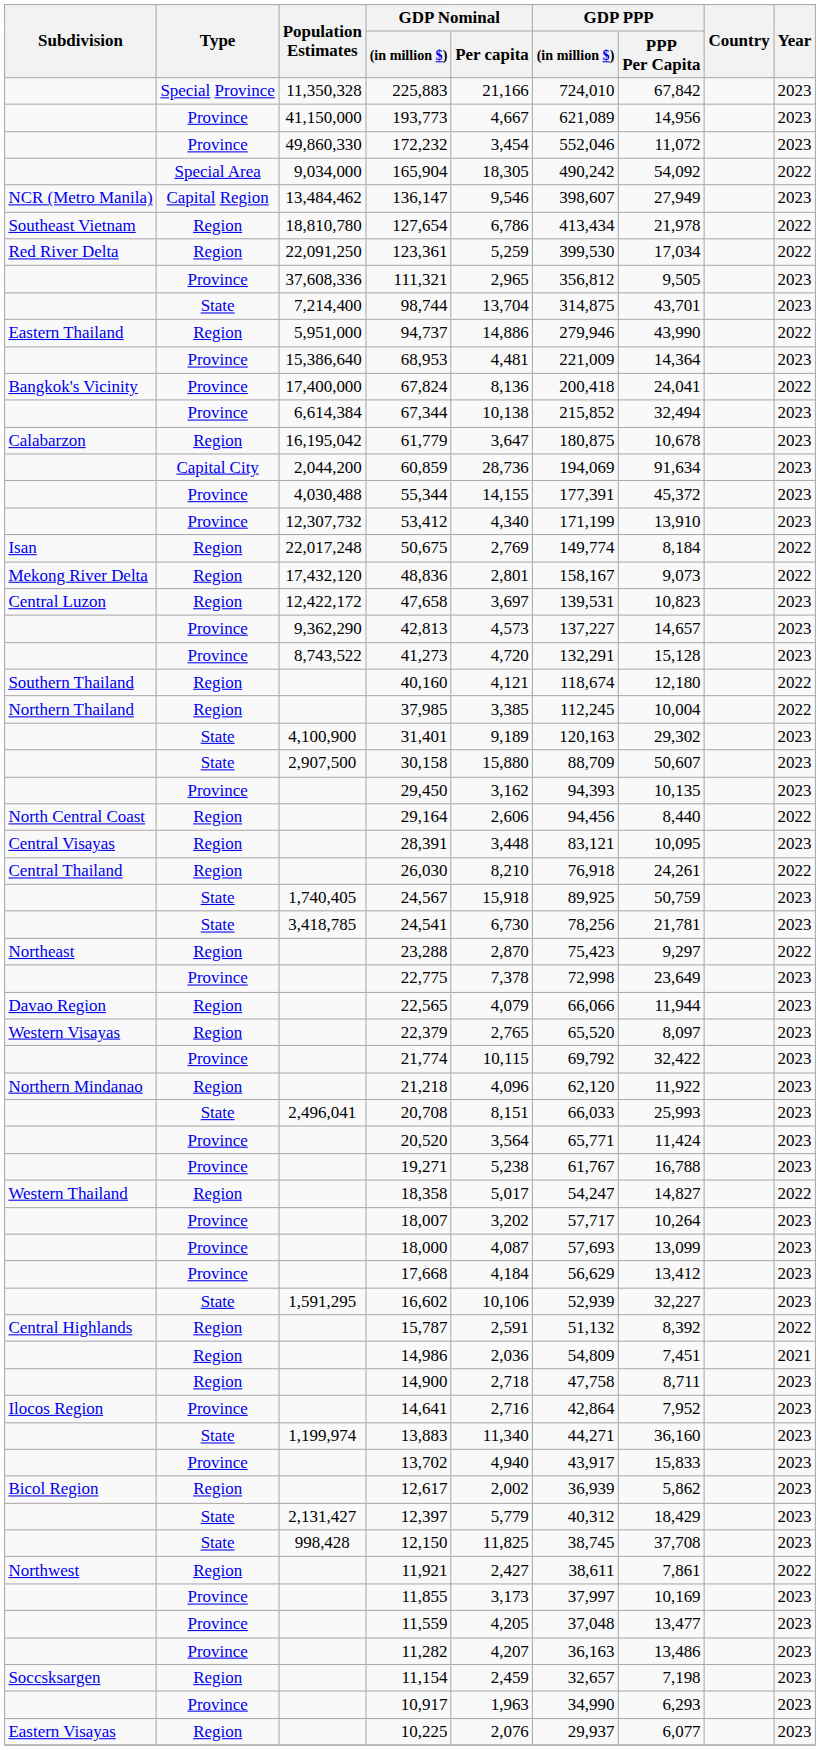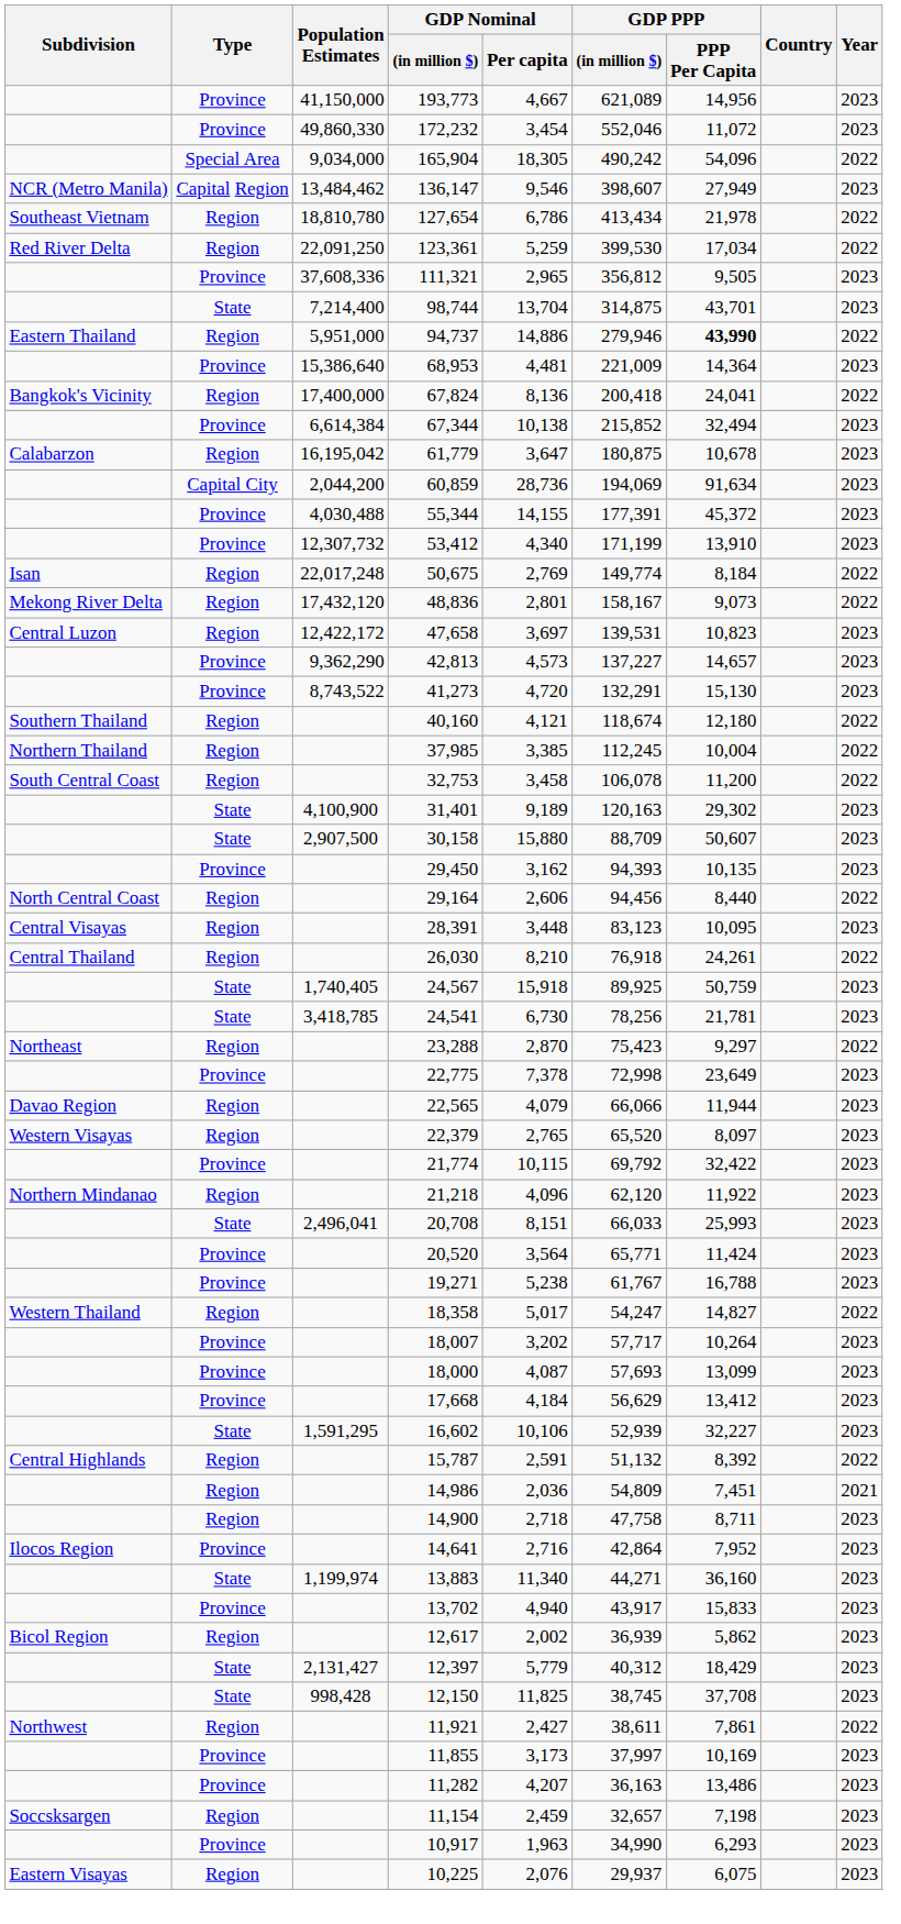 <table class="wikitable sortable sticky-header-multi static-row-numbers" style="text-align:center;">
 <tr>
 <th rowspan="2">Subdivision</th>
 <th rowspan="2">Type</th>
 <th rowspan="2">Population <br>Estimates</th>
 <th colspan="2" scope="col">GDP Nominal</th>
 <th scope="col" colspan="2">GDP PPP</th>
 <th rowspan="2">Country</th>
 <th rowspan="2">Year</th>
 </tr>
 <tr>
 <th scope="col"><small>(in million <a href='#'>$</a>)</small></th>
 <th>Per capita</th>
 <th scope="col"><small>(in million <a href='#'>$</a>)</small></th>
 <th>PPP <br>Per Capita</th>
-</tr>
-<tr>
-<td ! scope="row" style="text-align: left; font-weight: normal;"></td>
-<td><a href='#'>Special</a> <a href='#'>Province</a></td>
-<td align="right">11,350,328</td>
-<td align="right">225,883</td>
-<td align="right">21,166</td>
-<td align="right">724,010</td>
-<td align="right">67,842</td>
-<td></td>
-<td align=right>2023</td>
 </tr>
 <tr>
 <td ! scope="row" style="text-align: left; font-weight: normal;"></td>
 <td><a href='#'>Province</a></td>
 <td align="right">41,150,000</td>
 <td align="right">193,773</td>
 <td align="right">4,667</td>
 <td align="right">621,089</td>
 <td align="right">14,956</td>
 <td></td>
 <td align=right>2023</td>
 </tr>
 <tr>
 <td ! scope="row" style="text-align: left; font-weight: normal;"></td>
 <td><a href='#'>Province</a></td>
 <td align="right">49,860,330</td>
 <td align="right">172,232</td>
 <td align="right">3,454</td>
 <td align="right">552,046</td>
 <td align="right">11,072</td>
 <td></td>
 <td align=right>2023</td>
 </tr>
 <tr>
 <td ! scope="row" style="text-align: left; font-weight: normal;"></td>
 <td><a href='#'>Special Area</a></td>
 <td align="right">9,034,000</td>
 <td align="right">165,904</td>
 <td align=right>18,305</td>
 <td align=right>490,242</td>
-<td align=right>54,092</td>
+<td align=right>54,096</td>
 <td></td>
 <td align=right>2022</td>
 </tr>
 <tr>
 <td ! scope="row" style="text-align: left; font-weight: normal;"><a href='#'>NCR (Metro Manila)</a></td>
 <td><a href='#'>Capital</a> <a href='#'>Region</a></td>
 <td align="right">13,484,462</td>
 <td align="right">136,147</td>
 <td align=right>9,546</td>
 <td align=right>398,607</td>
 <td align=right>27,949</td>
 <td></td>
 <td align=right>2023</td>
 </tr>
 <tr>
 <td ! scope="row" style="text-align: left; font-weight: normal;"><a href='#'>Southeast Vietnam</a></td>
 <td><a href='#'>Region</a></td>
 <td align="right">18,810,780</td>
 <td align="right">127,654</td>
 <td align=right>6,786</td>
 <td align=right>413,434</td>
 <td align=right>21,978</td>
 <td></td>
 <td align=right>2022</td>
 </tr>
 <tr>
 <td ! scope="row" style="text-align: left; font-weight: normal;"><a href='#'>Red River Delta</a></td>
 <td><a href='#'>Region</a></td>
 <td align="right">22,091,250</td>
 <td align="right">123,361</td>
 <td align=right>5,259</td>
 <td align=right>399,530</td>
 <td align=right>17,034</td>
 <td></td>
 <td align=right>2022</td>
 </tr>
 <tr>
 <td ! scope="row" style="text-align: left; font-weight: normal;"></td>
 <td><a href='#'>Province</a></td>
 <td align="right">37,608,336</td>
 <td align="right">111,321</td>
 <td align="right">2,965</td>
 <td align="right">356,812</td>
 <td align="right">9,505</td>
 <td></td>
 <td align=right>2023</td>
 </tr>
 <tr>
 <td ! scope="row" style="text-align: left; font-weight: normal;"></td>
 <td><a href='#'>State</a></td>
 <td align="right">7,214,400</td>
 <td align="right">98,744</td>
 <td align=right>13,704</td>
 <td align=right>314,875</td>
 <td align=right>43,701</td>
 <td></td>
 <td align=right>2023</td>
 </tr>
 <tr>
 <td ! scope="row" style="text-align: left; font-weight: normal;"><a href='#'>Eastern Thailand</a></td>
 <td><a href='#'>Region</a></td>
 <td align="right">5,951,000</td>
 <td align="right">94,737</td>
 <td align=right>14,886</td>
 <td align=right>279,946</td>
-<td align=right>43,990</td>
+<td align=right><strong>43,990</strong></td>
 <td></td>
 <td align=right>2022</td>
 </tr>
 <tr>
 <td ! scope="row" style="text-align: left; font-weight: normal;"></td>
 <td><a href='#'>Province</a></td>
 <td align="right">15,386,640</td>
 <td align="right">68,953</td>
 <td align="right">4,481</td>
 <td align="right">221,009</td>
 <td align="right">14,364</td>
 <td></td>
 <td align=right>2023</td>
 </tr>
 <tr>
 <td ! scope="row" style="text-align: left; font-weight: normal;"><a href='#'>Bangkok's Vicinity</a></td>
-<td><a href='#'>Province</a></td>
+<td><a href='#'>Region</a></td>
 <td align="right">17,400,000</td>
 <td align="right">67,824</td>
 <td align=right>8,136</td>
 <td align=right>200,418</td>
 <td align=right>24,041</td>
 <td></td>
 <td align=right>2022</td>
 </tr>
 <tr>
 <td ! scope="row" style="text-align: left; font-weight: normal;"></td>
 <td><a href='#'>Province</a></td>
 <td align="right">6,614,384</td>
 <td align="right">67,344</td>
 <td align="right">10,138</td>
 <td align="right">215,852</td>
 <td align="right">32,494</td>
 <td></td>
 <td align=right>2023</td>
 </tr>
 <tr>
 <td ! scope="row" style="text-align: left; font-weight: normal;"><a href='#'>Calabarzon</a></td>
 <td><a href='#'>Region</a></td>
 <td align="right">16,195,042</td>
 <td align="right">61,779</td>
 <td align=right>3,647</td>
 <td align=right>180,875</td>
 <td align=right>10,678</td>
 <td></td>
 <td align=right>2023</td>
 </tr>
 <tr>
 <td ! scope="row" style="text-align: left; font-weight: normal;"></td>
 <td><a href='#'>Capital City</a></td>
 <td align="right">2,044,200</td>
 <td align="right">60,859</td>
 <td align=right>28,736</td>
 <td align=right>194,069</td>
 <td align=right>91,634</td>
 <td></td>
 <td align=right>2023</td>
 </tr>
 <tr>
 <td ! scope="row" style="text-align: left; font-weight: normal;"></td>
 <td><a href='#'>Province</a></td>
 <td align="right">4,030,488</td>
 <td align="right">55,344</td>
 <td align="right">14,155</td>
 <td align="right">177,391</td>
 <td align="right">45,372</td>
 <td></td>
 <td align=right>2023</td>
 </tr>
 <tr>
 <td ! scope="row" style="text-align: left; font-weight: normal;"></td>
 <td><a href='#'>Province</a></td>
 <td align="right">12,307,732</td>
 <td align="right">53,412</td>
 <td align="right">4,340</td>
 <td align="right">171,199</td>
 <td align="right">13,910</td>
 <td></td>
 <td align=right>2023</td>
 </tr>
 <tr>
 <td ! scope="row" style="text-align: left; font-weight: normal;"><a href='#'>Isan</a></td>
 <td><a href='#'>Region</a></td>
 <td align="right">22,017,248</td>
 <td align="right">50,675</td>
 <td align=right>2,769</td>
 <td align=right>149,774</td>
 <td align=right>8,184</td>
 <td></td>
 <td align=right>2022</td>
 </tr>
 <tr>
 <td ! scope="row" style="text-align: left; font-weight: normal;"><a href='#'>Mekong River Delta</a></td>
 <td><a href='#'>Region</a></td>
 <td align="right">17,432,120</td>
 <td align="right">48,836</td>
 <td align=right>2,801</td>
 <td align=right>158,167</td>
 <td align=right>9,073</td>
 <td></td>
 <td align=right>2022</td>
 </tr>
 <tr>
 <td ! scope="row" style="text-align: left; font-weight: normal;"><a href='#'>Central Luzon</a></td>
 <td><a href='#'>Region</a></td>
 <td align="right">12,422,172</td>
 <td align="right">47,658</td>
 <td align=right>3,697</td>
 <td align=right>139,531</td>
 <td align=right>10,823</td>
 <td></td>
 <td align=right>2023</td>
 </tr>
 <tr>
 <td ! scope="row" style="text-align: left; font-weight: normal;"></td>
 <td><a href='#'>Province</a></td>
 <td align="right">9,362,290</td>
 <td align="right">42,813</td>
 <td align="right">4,573</td>
 <td align="right">137,227</td>
 <td align="right">14,657</td>
 <td></td>
 <td align=right>2023</td>
 </tr>
 <tr>
 <td ! scope="row" style="text-align: left; font-weight: normal;"></td>
 <td><a href='#'>Province</a></td>
 <td align="right">8,743,522</td>
 <td align="right">41,273</td>
 <td align="right">4,720</td>
 <td align="right">132,291</td>
-<td align="right">15,128</td>
+<td align="right">15,130</td>
 <td></td>
 <td align=right>2023</td>
 </tr>
 <tr>
 <td ! scope="row" style="text-align: left; font-weight: normal;"><a href='#'>Southern Thailand</a></td>
 <td><a href='#'>Region</a></td>
 <td></td>
 <td align="right">40,160</td>
 <td align=right>4,121</td>
 <td align=right>118,674</td>
 <td align=right>12,180</td>
 <td></td>
 <td align=right>2022</td>
 </tr>
 <tr>
 <td ! scope="row" style="text-align: left; font-weight: normal;"><a href='#'>Northern Thailand</a></td>
 <td><a href='#'>Region</a></td>
 <td></td>
 <td align="right">37,985</td>
 <td align=right>3,385</td>
 <td align=right>112,245</td>
 <td align=right>10,004</td>
+<td></td>
+<td align=right>2022</td>
+</tr>
+<tr>
+<td ! scope="row" style="text-align: left; font-weight: normal;"><a href='#'>South Central Coast</a></td>
+<td><a href='#'>Region</a></td>
+<td></td>
+<td align="right">32,753</td>
+<td align=right>3,458</td>
+<td align=right>106,078</td>
+<td align=right>11,200</td>
 <td></td>
 <td align=right>2022</td>
 </tr>
 <tr>
 <td scope="row" style="text-align: left; font-weight: normal;" !></td>
 <td><a href='#'>State</a></td>
 <td>4,100,900</td>
 <td align="right">31,401</td>
 <td align="right">9,189</td>
 <td align="right">120,163</td>
 <td align="right">29,302</td>
 <td></td>
 <td align="right">2023</td>
 </tr>
 <tr>
 <td scope="row" style="text-align: left; font-weight: normal;" !></td>
 <td><a href='#'>State</a></td>
 <td>2,907,500</td>
 <td align="right">30,158</td>
 <td align="right">15,880</td>
 <td align="right">88,709</td>
 <td align="right">50,607</td>
 <td></td>
 <td align="right">2023</td>
 </tr>
 <tr>
 <td ! scope="row" style="text-align: left; font-weight: normal;"></td>
 <td><a href='#'>Province</a></td>
 <td></td>
 <td align="right">29,450</td>
 <td align="right">3,162</td>
 <td align="right">94,393</td>
 <td align="right">10,135</td>
 <td></td>
 <td align=right>2023</td>
 </tr>
 <tr>
 <td ! scope="row" style="text-align: left; font-weight: normal;"><a href='#'>North Central Coast</a></td>
 <td><a href='#'>Region</a></td>
 <td></td>
 <td align="right">29,164</td>
 <td align=right>2,606</td>
 <td align=right>94,456</td>
 <td align=right>8,440</td>
 <td></td>
 <td align=right>2022</td>
 </tr>
 <tr>
 <td ! scope="row" style="text-align: left; font-weight: normal;"><a href='#'>Central Visayas</a></td>
 <td><a href='#'>Region</a></td>
 <td></td>
 <td align="right">28,391</td>
 <td align=right>3,448</td>
-<td align=right>83,121</td>
+<td align=right>83,123</td>
 <td align=right>10,095</td>
 <td></td>
 <td align=right>2023</td>
 </tr>
 <tr>
 <td ! scope="row" style="text-align: left; font-weight: normal;"><a href='#'>Central Thailand</a></td>
 <td><a href='#'>Region</a></td>
 <td></td>
 <td align="right">26,030</td>
 <td align=right>8,210</td>
 <td align=right>76,918</td>
 <td align=right>24,261</td>
 <td></td>
 <td align=right>2022</td>
 </tr>
 <tr>
 <td scope="row" style="text-align: left; font-weight: normal;" !></td>
 <td><a href='#'>State</a></td>
 <td>1,740,405</td>
 <td align="right">24,567</td>
 <td align="right">15,918</td>
 <td align="right">89,925</td>
 <td align="right">50,759</td>
 <td></td>
 <td align="right">2023</td>
 </tr>
 <tr>
 <td ! scope="row" style="text-align: left; font-weight: normal;"></td>
 <td><a href='#'>State</a></td>
 <td>3,418,785</td>
 <td align="right">24,541</td>
 <td align=right>6,730</td>
 <td align=right>78,256</td>
 <td align=right>21,781</td>
 <td></td>
 <td align=right>2023</td>
 </tr>
 <tr>
 <td ! scope="row" style="text-align: left; font-weight: normal;"><a href='#'>Northeast</a></td>
 <td><a href='#'>Region</a></td>
 <td></td>
 <td align="right">23,288</td>
 <td align=right>2,870</td>
 <td align=right>75,423</td>
 <td align=right>9,297</td>
 <td></td>
 <td align=right>2022</td>
 </tr>
 <tr>
 <td ! scope="row" style="text-align: left; font-weight: normal;"></td>
 <td><a href='#'>Province</a></td>
 <td></td>
 <td align="right">22,775</td>
 <td align="right">7,378</td>
 <td align="right">72,998</td>
 <td align="right">23,649</td>
 <td></td>
 <td align=right>2023</td>
 </tr>
 <tr>
 <td ! scope="row" style="text-align: left; font-weight: normal;"><a href='#'>Davao Region</a></td>
 <td><a href='#'>Region</a></td>
 <td></td>
 <td align="right">22,565</td>
 <td align=right>4,079</td>
 <td align=right>66,066</td>
 <td align=right>11,944</td>
 <td></td>
 <td align=right>2023</td>
 </tr>
 <tr>
 <td ! scope="row" style="text-align: left; font-weight: normal;"><a href='#'>Western Visayas</a></td>
 <td><a href='#'>Region</a></td>
 <td></td>
 <td align="right">22,379</td>
 <td align=right>2,765</td>
 <td align=right>65,520</td>
 <td align=right>8,097</td>
 <td></td>
 <td align=right>2023</td>
 </tr>
 <tr>
 <td ! scope="row" style="text-align: left; font-weight: normal;"></td>
 <td><a href='#'>Province</a></td>
 <td></td>
 <td align="right">21,774</td>
 <td align="right">10,115</td>
 <td align="right">69,792</td>
 <td align="right">32,422</td>
 <td></td>
 <td align=right>2023</td>
 </tr>
 <tr>
 <td ! scope="row" style="text-align: left; font-weight: normal;"><a href='#'>Northern Mindanao</a></td>
 <td><a href='#'>Region</a></td>
 <td></td>
 <td align="right">21,218</td>
 <td align=right>4,096</td>
 <td align=right>62,120</td>
 <td align=right>11,922</td>
 <td></td>
 <td align=right>2023</td>
 </tr>
 <tr>
 <td ! scope="row" style="text-align: left; font-weight: normal;"></td>
 <td><a href='#'>State</a></td>
 <td>2,496,041</td>
 <td align="right">20,708</td>
 <td align=right>8,151</td>
 <td align=right>66,033</td>
 <td align=right>25,993</td>
 <td></td>
 <td align=right>2023</td>
 </tr>
 <tr>
 <td ! scope="row" style="text-align: left; font-weight: normal;"></td>
 <td><a href='#'>Province</a></td>
 <td></td>
 <td align="right">20,520</td>
 <td align="right">3,564</td>
 <td align="right">65,771</td>
 <td align="right">11,424</td>
 <td></td>
 <td align=right>2023</td>
 </tr>
 <tr>
 <td ! scope="row" style="text-align: left; font-weight: normal;"></td>
 <td><a href='#'>Province</a></td>
 <td></td>
 <td align="right">19,271</td>
 <td align="right">5,238</td>
 <td align="right">61,767</td>
 <td align="right">16,788</td>
 <td></td>
 <td align=right>2023</td>
 </tr>
 <tr>
 <td ! scope="row" style="text-align: left; font-weight: normal;"><a href='#'>Western Thailand</a></td>
 <td><a href='#'>Region</a></td>
 <td></td>
 <td align="right">18,358</td>
 <td align=right>5,017</td>
 <td align=right>54,247</td>
 <td align=right>14,827</td>
 <td></td>
 <td align=right>2022</td>
 </tr>
 <tr>
 <td ! scope="row" style="text-align: left; font-weight: normal;"></td>
 <td><a href='#'>Province</a></td>
 <td></td>
 <td align="right">18,007</td>
 <td align="right">3,202</td>
 <td align="right">57,717</td>
 <td align="right">10,264</td>
 <td></td>
 <td align=right>2023</td>
 </tr>
 <tr>
 <td ! scope="row" style="text-align: left; font-weight: normal;"></td>
 <td><a href='#'>Province</a></td>
 <td></td>
 <td align="right">18,000</td>
 <td align="right">4,087</td>
 <td align="right">57,693</td>
 <td align="right">13,099</td>
 <td></td>
 <td align=right>2023</td>
 </tr>
 <tr>
 <td ! scope="row" style="text-align: left; font-weight: normal;"></td>
 <td><a href='#'>Province</a></td>
 <td></td>
 <td align="right">17,668</td>
 <td align="right">4,184</td>
 <td align="right">56,629</td>
 <td align="right">13,412</td>
 <td></td>
 <td align=right>2023</td>
 </tr>
 <tr>
 <td ! scope="row" style="text-align: left; font-weight: normal;"></td>
 <td><a href='#'>State</a></td>
 <td>1,591,295</td>
 <td align="right">16,602</td>
 <td align=right>10,106</td>
 <td align=right>52,939</td>
 <td align=right>32,227</td>
 <td></td>
 <td align=right>2023</td>
 </tr>
 <tr>
 <td ! scope="row" style="text-align: left; font-weight: normal;"><a href='#'>Central Highlands</a></td>
 <td><a href='#'>Region</a></td>
 <td></td>
 <td align="right">15,787</td>
 <td align=right>2,591</td>
 <td align=right>51,132</td>
 <td align=right>8,392</td>
 <td></td>
 <td align=right>2022</td>
 </tr>
 <tr>
 <td scope="row" style="text-align: left; font-weight: normal;" !></td>
 <td><a href='#'>Region</a></td>
 <td></td>
 <td align="right">14,986</td>
 <td align=right>2,036</td>
 <td align=right>54,809</td>
 <td align=right>7,451</td>
 <td></td>
 <td align=right>2021</td>
 </tr>
 <tr>
 <td ! scope="row" style="text-align: left; font-weight: normal;"></td>
 <td><a href='#'>Region</a></td>
 <td></td>
 <td align="right">14,900</td>
 <td align="right">2,718</td>
 <td align="right">47,758</td>
 <td align="right">8,711</td>
 <td></td>
 <td align=right>2023</td>
 </tr>
 <tr>
 <td ! scope="row" style="text-align: left; font-weight: normal;"><a href='#'>Ilocos Region</a></td>
 <td><a href='#'>Province</a></td>
 <td></td>
 <td align="right">14,641</td>
 <td align=right>2,716</td>
 <td align=right>42,864</td>
 <td align=right>7,952</td>
 <td></td>
 <td align=right>2023</td>
 </tr>
 <tr>
 <td ! scope="row" style="text-align: left; font-weight: normal;"></td>
 <td><a href='#'>State</a></td>
 <td>1,199,974</td>
 <td align="right">13,883</td>
 <td align=right>11,340</td>
 <td align=right>44,271</td>
 <td align=right>36,160</td>
 <td></td>
 <td align=right>2023</td>
 </tr>
 <tr>
 <td ! scope="row" style="text-align: left; font-weight: normal;"></td>
 <td><a href='#'>Province</a></td>
 <td></td>
 <td align="right">13,702</td>
 <td align="right">4,940</td>
 <td align="right">43,917</td>
 <td align="right">15,833</td>
 <td></td>
 <td align=right>2023</td>
 </tr>
 <tr>
 <td ! scope="row" style="text-align: left; font-weight: normal;"><a href='#'>Bicol Region</a></td>
 <td><a href='#'>Region</a></td>
 <td></td>
 <td align="right">12,617</td>
 <td align=right>2,002</td>
 <td align=right>36,939</td>
 <td align=right>5,862</td>
 <td></td>
 <td align=right>2023</td>
 </tr>
 <tr>
 <td ! scope="row" style="text-align: left; font-weight: normal;"></td>
 <td><a href='#'>State</a></td>
 <td>2,131,427</td>
 <td align="right">12,397</td>
 <td align=right>5,779</td>
 <td align=right>40,312</td>
 <td align=right>18,429</td>
 <td></td>
 <td align=right>2023</td>
 </tr>
 <tr>
 <td ! scope="row" style="text-align: left; font-weight: normal;"></td>
 <td><a href='#'>State</a></td>
 <td>998,428</td>
 <td align="right">12,150</td>
 <td align=right>11,825</td>
 <td align=right>38,745</td>
 <td align=right>37,708</td>
 <td></td>
 <td align=right>2023</td>
 </tr>
 <tr>
 <td ! scope="row" style="text-align: left; font-weight: normal;"><a href='#'>Northwest</a></td>
 <td><a href='#'>Region</a></td>
 <td></td>
 <td align="right">11,921</td>
 <td align=right>2,427</td>
 <td align=right>38,611</td>
 <td align=right>7,861</td>
 <td></td>
 <td align=right>2022</td>
 </tr>
 <tr>
 <td ! scope="row" style="text-align: left; font-weight: normal;"></td>
 <td><a href='#'>Province</a></td>
 <td></td>
 <td align="right">11,855</td>
 <td align="right">3,173</td>
 <td align="right">37,997</td>
 <td align="right">10,169</td>
 <td></td>
 <td align=right>2023</td>
 </tr>
 <tr>
 <td ! scope="row" style="text-align: left; font-weight: normal;"></td>
 <td><a href='#'>Province</a></td>
 <td></td>
-<td align="right">11,559</td>
-<td align=right>4,205</td>
-<td align=right>37,048</td>
-<td align=right>13,477</td>
-<td></td>
-<td align=right>2023</td>
-</tr>
-<tr>
-<td ! scope="row" style="text-align: left; font-weight: normal;"></td>
-<td><a href='#'>Province</a></td>
-<td></td>
 <td align="right">11,282</td>
 <td align=right>4,207</td>
 <td align=right>36,163</td>
 <td align=right>13,486</td>
 <td></td>
 <td align=right>2023</td>
 </tr>
 <tr>
 <td ! scope="row" style="text-align: left; font-weight: normal;"><a href='#'>Soccsksargen</a></td>
 <td><a href='#'>Region</a></td>
 <td></td>
 <td align="right">11,154</td>
 <td align=right>2,459</td>
 <td align=right>32,657</td>
 <td align=right>7,198</td>
 <td></td>
 <td align=right>2023</td>
 </tr>
 <tr>
 <td ! scope="row" style="text-align: left; font-weight: normal;"></td>
 <td><a href='#'>Province</a></td>
 <td></td>
 <td align="right">10,917</td>
 <td align=right>1,963</td>
 <td align=right>34,990</td>
 <td align=right>6,293</td>
 <td></td>
 <td align=right>2023</td>
 </tr>
 <tr>
 <td ! scope="row" style="text-align: left; font-weight: normal;"><a href='#'>Eastern Visayas</a></td>
 <td><a href='#'>Region</a></td>
 <td></td>
 <td align="right">10,225</td>
 <td align=right>2,076</td>
 <td align=right>29,937</td>
-<td align=right>6,077</td>
+<td align=right>6,075</td>
 <td></td>
 <td align=right>2023</td>
 </tr>
 <tr>
 </tr>
 </table>
